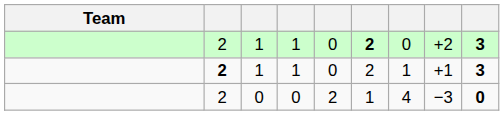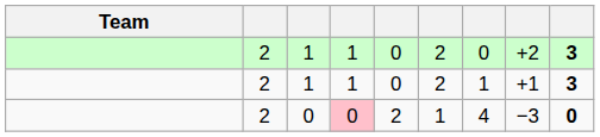 <table class="wikitable" style="text-align: center; font-size: 90%;">
 <tr>
 <th width=165>Team</th>
 <th width=25></th>
 <th width=25></th>
 <th width=25></th>
 <th width=25></th>
 <th width=25></th>
 <th width=25></th>
 <th width=25></th>
 <th width=25></th>
 </tr>
 <tr style="background:#cfc;">
 <td align="left"></td>
 <td>2</td>
 <td>1</td>
 <td>1</td>
 <td>0</td>
-<td><strong>2</strong></td>
+<td>2</td>
 <td>0</td>
 <td>+2</td>
 <td><strong>3</strong></td>
 </tr>
 <tr>
 <td align="left"></td>
-<td><strong>2</strong></td>
+<td>2</td>
 <td>1</td>
 <td>1</td>
 <td>0</td>
 <td>2</td>
 <td>1</td>
 <td>+1</td>
 <td><strong>3</strong></td>
 </tr>
 <tr>
 <td align="left"></td>
 <td>2</td>
 <td>0</td>
-<td>0</td>
+<td style="background: pink;">0</td>
 <td>2</td>
 <td>1</td>
 <td>4</td>
 <td>−3</td>
 <td><strong>0</strong></td>
 </tr>
 </table>
